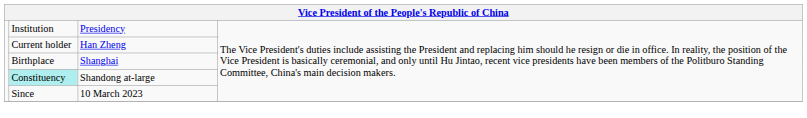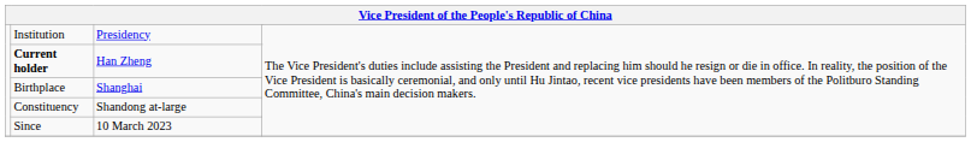 <table class="wikitable">
 <tr>
 <th colspan=5><a href='#'>Vice President of the People's Republic of China</a></th>
 </tr>
 <tr>
 <td rowspan=5></td>
 <td width=100px>Institution</td>
 <td colspan=2><a href='#'>Presidency</a></td>
 <td rowspan=5>The Vice President's duties include assisting the President and replacing him should he resign or die in office. In reality, the position of the Vice President is basically ceremonial, and only until Hu Jintao, recent vice presidents have been members of the Politburo Standing Committee, China's main decision makers.</td>
 </tr>
 <tr>
-<td>Current holder</td>
+<td><strong>Current holder</strong></td>
 <td colspan=2 width=400px><a href='#'>Han Zheng</a></td>
 </tr>
 <tr>
 <td>Birthplace</td>
 <td colspan=2><a href='#'>Shanghai</a></td>
 </tr>
 <tr>
-<td style="background: paleturquoise;">Constituency</td>
+<td>Constituency</td>
 <td colspan=2>Shandong at-large</td>
 </tr>
 <tr>
 <td>Since</td>
 <td colspan=2>10 March 2023</td>
 </tr>
 <tr>
 </tr>
 </table>
